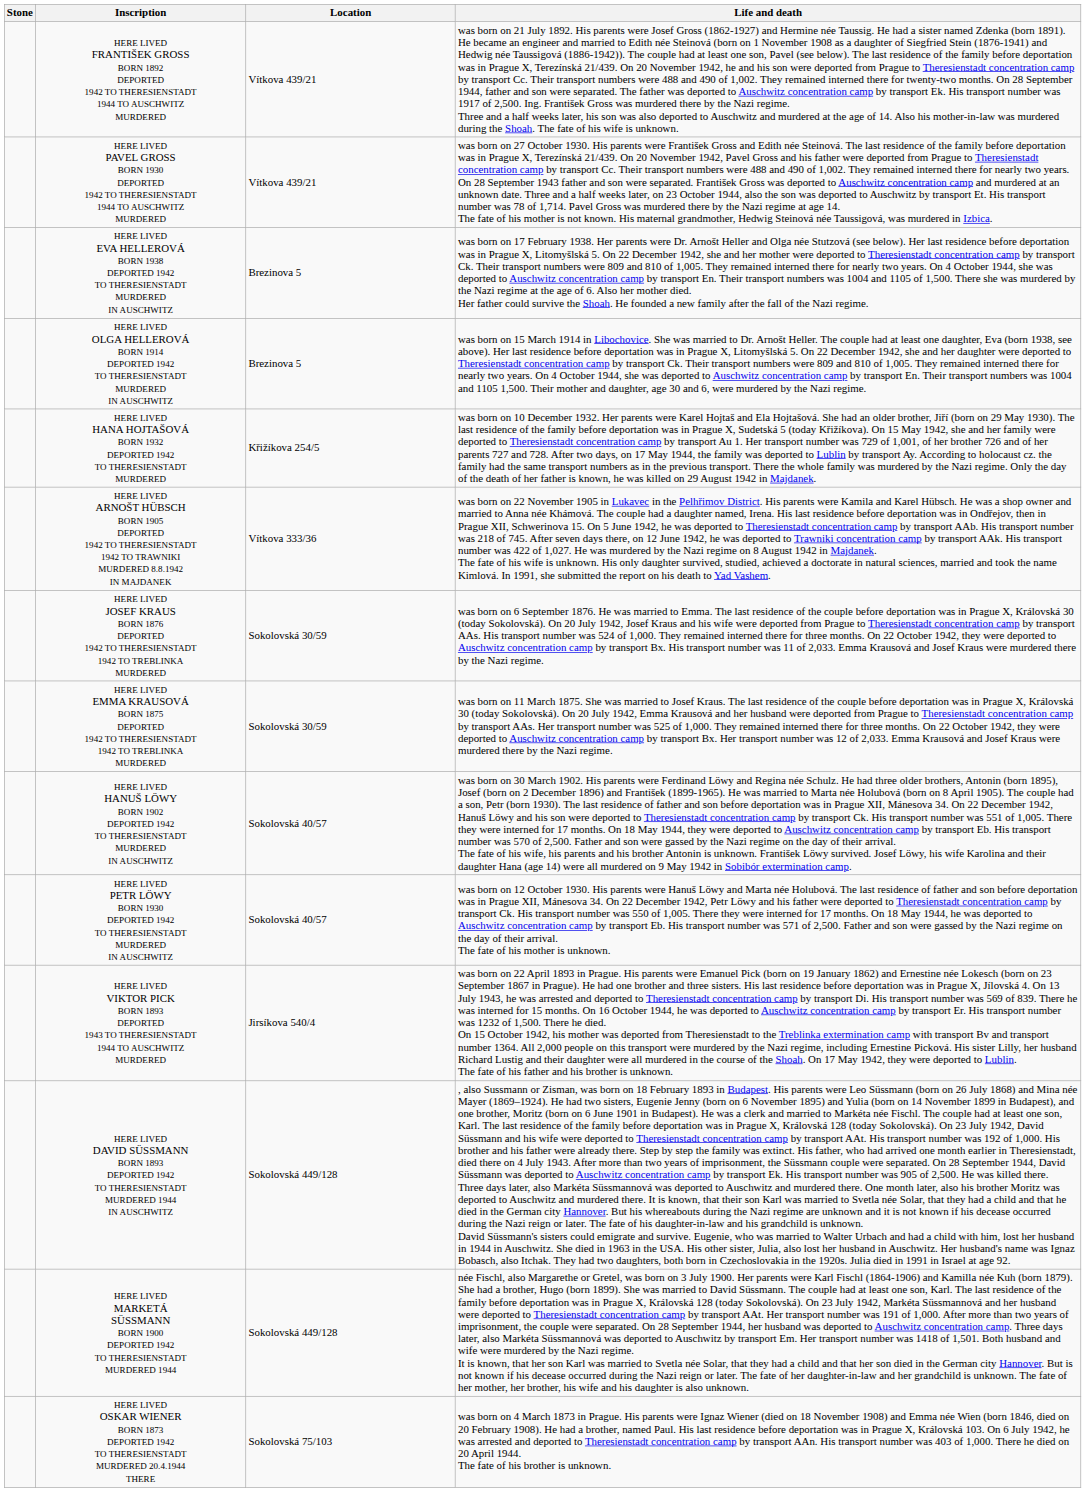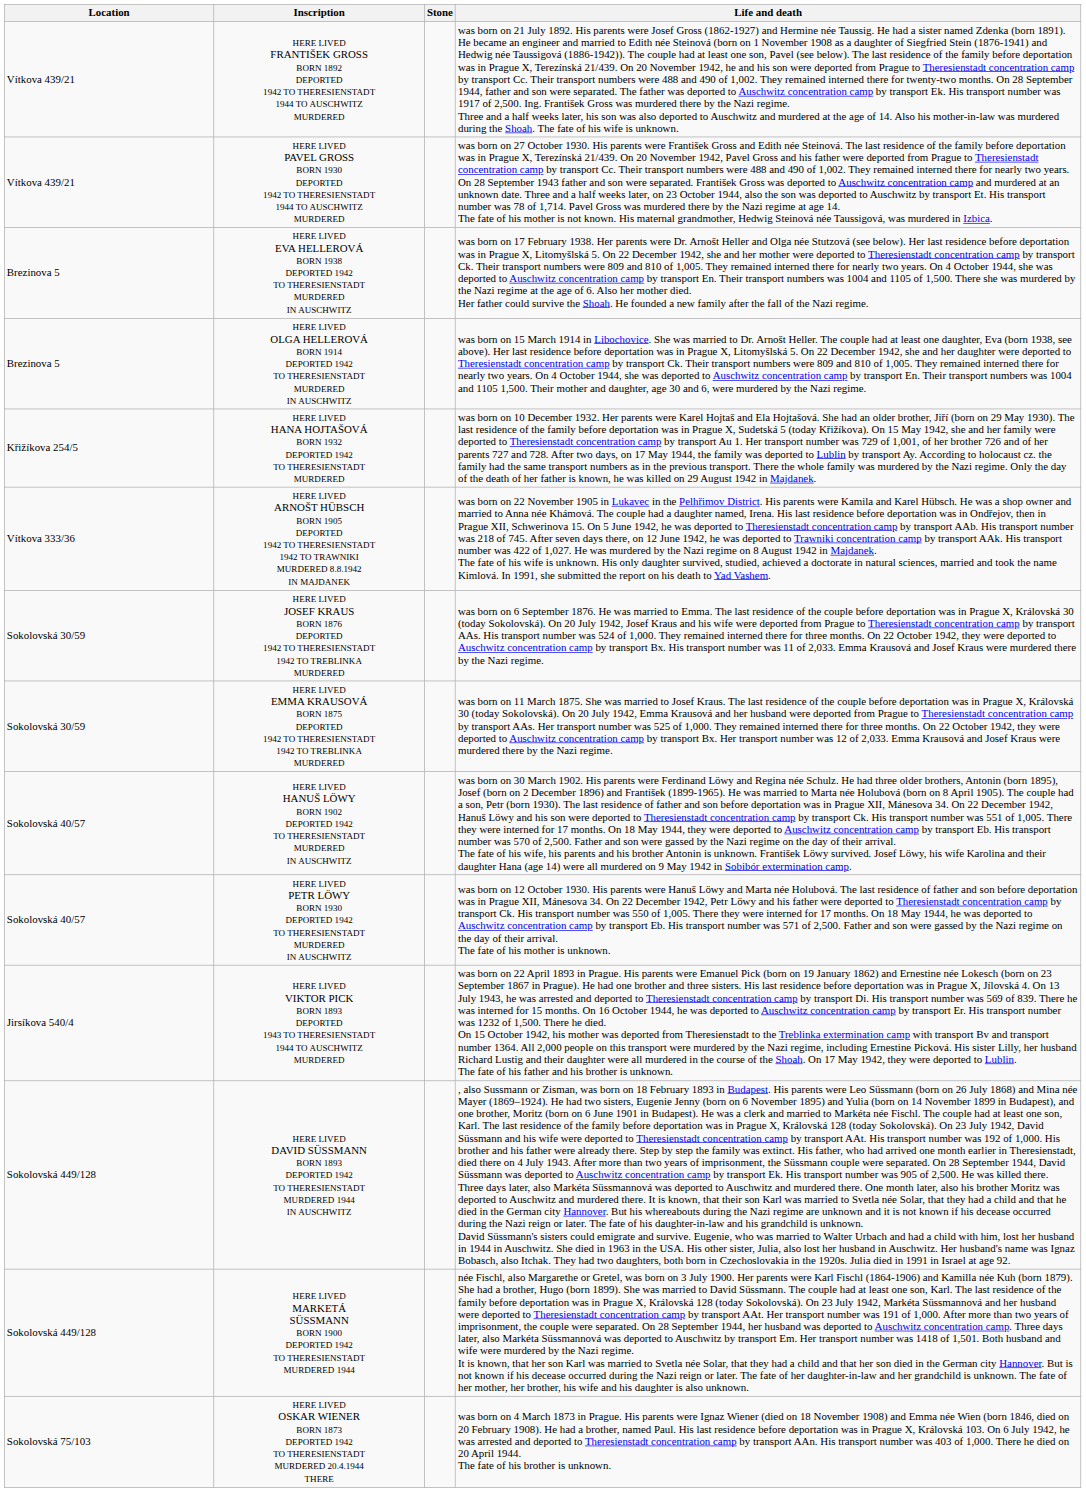 <table class="wikitable sortable toptextcells" style="width:100%">
 <tr>
+<th class="hintergrundfarbe6" data-sort-type="text" style ="width:20%;">Location</th>
+<th class="hintergrundfarbe6 unsortable" style ="width:20%;">Inscription</th>
 <th class="hintergrundfarbe6 unsortable" width="120px">Stone</th>
-<th class="hintergrundfarbe6 unsortable" style ="width:20%;">Inscription</th>
-<th class="hintergrundfarbe6" data-sort-type="text" style ="width:20%;">Location</th>
 <th class="hintergrundfarbe6" style="width:100%;">Life and death</th>
 </tr>
 <tr>
+<td>Vítkova 439/21</td>
+<td style="text-align:center"><div><small>HERE LIVED</small><br>FRANTIŠEK GROSS<br><small>BORN 1892<br>DEPORTED<br>1942 TO THERESIENSTADT<br>1944 TO AUSCHWITZ<br>MURDERED</small></div></td>
 <td></td>
-<td style="text-align:center"><div><small>HERE LIVED</small><br>FRANTIŠEK GROSS<br><small>BORN 1892<br>DEPORTED<br>1942 TO THERESIENSTADT<br>1944 TO AUSCHWITZ<br>MURDERED</small></div></td>
-<td>Vítkova 439/21</td>
 <td><strong></strong> was born on 21 July 1892. His parents were Josef Gross (1862-1927) and Hermine née Taussig. He had a sister named Zdenka (born 1891). He became an engineer and married to Edith née Steinová (born on 1 November 1908 as a daughter of Siegfried Stein (1876-1941) and Hedwig née Taussigová (1886-1942)). The couple had at least one son, Pavel (see below). The last residence of the family before deportation was in Prague X, Terezínská 21/439. On 20 November 1942, he and his son were deported from Prague to <a href='#'>Theresienstadt concentration camp</a> by transport Cc. Their transport numbers were 488 and 490 of 1,002. They remained interned there for twenty-two months. On 28 September 1944, father and son were separated. The father was deported to <a href='#'>Auschwitz concentration camp</a> by transport Ek. His transport number was 1917 of 2,500. Ing. František Gross was murdered there by the Nazi regime.<br>Three and a half weeks later, his son was also deported to Auschwitz and murdered at the age of 14. Also his mother-in-law was murdered during the <a href='#'>Shoah</a>. The fate of his wife is unknown.</td>
 </tr>
 <tr>
+<td>Vítkova 439/21</td>
+<td style="text-align:center"><div><small>HERE LIVED</small><br>PAVEL GROSS<br><small>BORN 1930<br>DEPORTED<br>1942 TO THERESIENSTADT<br>1944 TO AUSCHWITZ<br>MURDERED</small></div></td>
 <td></td>
-<td style="text-align:center"><div><small>HERE LIVED</small><br>PAVEL GROSS<br><small>BORN 1930<br>DEPORTED<br>1942 TO THERESIENSTADT<br>1944 TO AUSCHWITZ<br>MURDERED</small></div></td>
-<td>Vítkova 439/21</td>
 <td><strong></strong> was born on 27 October 1930. His parents were František Gross and Edith née Steinová. The last residence of the family before deportation was in Prague X, Terezínská 21/439. On 20 November 1942, Pavel Gross and his father were deported from Prague to <a href='#'>Theresienstadt concentration camp</a> by transport Cc. Their transport numbers were 488 and 490 of 1,002. They remained interned there for nearly two years. On 28 September 1943 father and son were separated. František Gross was deported to <a href='#'>Auschwitz concentration camp</a> and murdered at an unknown date. Three and a half weeks later, on 23 October 1944, also the son was deported to Auschwitz by transport Et. His transport number was 78 of 1,714. Pavel Gross was murdered there by the Nazi regime at age 14.<br>The fate of his mother is not known. His maternal grandmother, Hedwig Steinová née Taussigová, was murdered in <a href='#'>Izbica</a>.</td>
 </tr>
 <tr>
+<td>Brezinova 5<br></td>
+<td style="text-align:center"><div><small>HERE LIVED</small><br>EVA HELLEROVÁ<br><small>BORN 1938<br>DEPORTED 1942<br>TO THERESIENSTADT<br>MURDERED<br>IN AUSCHWITZ</small></div></td>
 <td></td>
-<td style="text-align:center"><div><small>HERE LIVED</small><br>EVA HELLEROVÁ<br><small>BORN 1938<br>DEPORTED 1942<br>TO THERESIENSTADT<br>MURDERED<br>IN AUSCHWITZ</small></div></td>
-<td>Brezinova 5<br></td>
 <td><strong></strong> was born on 17 February 1938. Her parents were Dr. Arnošt Heller and Olga née Stutzová (see below). Her last residence before deportation was in Prague X, Litomyšlská 5. On 22 December 1942, she and her mother were deported to <a href='#'>Theresienstadt concentration camp</a> by transport Ck. Their transport numbers were 809 and 810 of 1,005. They remained interned there for nearly two years. On 4 October 1944, she was deported to <a href='#'>Auschwitz concentration camp</a> by transport En. Their transport numbers was 1004 and 1105 of 1,500. There she was murdered by the Nazi regime at the age of 6. Also her mother died.<br>Her father could survive the <a href='#'>Shoah</a>. He founded a new family after the fall of the Nazi regime.</td>
 </tr>
 <tr>
+<td>Brezinova 5<br></td>
+<td style="text-align:center"><div><small>HERE LIVED</small><br>OLGA HELLEROVÁ<br><small>BORN 1914<br>DEPORTED 1942<br>TO THERESIENSTADT<br>MURDERED<br>IN AUSCHWITZ</small></div></td>
 <td></td>
-<td style="text-align:center"><div><small>HERE LIVED</small><br>OLGA HELLEROVÁ<br><small>BORN 1914<br>DEPORTED 1942<br>TO THERESIENSTADT<br>MURDERED<br>IN AUSCHWITZ</small></div></td>
-<td>Brezinova 5<br></td>
 <td><strong></strong> was born on 15 March 1914 in <a href='#'>Libochovice</a>. She was married to Dr. Arnošt Heller. The couple had at least one daughter, Eva (born 1938, see above). Her last residence before deportation was in Prague X, Litomyšlská 5. On 22 December 1942, she and her daughter were deported to <a href='#'>Theresienstadt concentration camp</a> by transport Ck. Their transport numbers were 809 and 810 of 1,005. They remained interned there for nearly two years. On 4 October 1944, she was deported to <a href='#'>Auschwitz concentration camp</a> by transport En. Their transport numbers was 1004 and 1105 1,500. Their mother and daughter, age 30 and 6, were murdered by the Nazi regime.</td>
 </tr>
 <tr>
+<td>Křižíkova 254/5<br></td>
+<td style="text-align:center"><div><small>HERE LIVED</small><br>HANA HOJTAŠOVÁ<br><small>BORN 1932<br>DEPORTED 1942<br>TO THERESIENSTADT<br>MURDERED</small></div></td>
 <td></td>
-<td style="text-align:center"><div><small>HERE LIVED</small><br>HANA HOJTAŠOVÁ<br><small>BORN 1932<br>DEPORTED 1942<br>TO THERESIENSTADT<br>MURDERED</small></div></td>
-<td>Křižíkova 254/5<br></td>
 <td><strong></strong> was born on 10 December 1932. Her parents were Karel Hojtaš and Ela Hojtašová. She had an older brother, Jiří (born on 29 May 1930). The last residence of the family before deportation was in Prague X, Sudetská 5 (today Křižíkova). On 15 May 1942, she and her family were deported to <a href='#'>Theresienstadt concentration camp</a> by transport Au 1. Her transport number was 729 of 1,001, of her brother 726 and of her parents 727 and 728. After two days, on 17 May 1944, the family was deported to <a href='#'>Lublin</a> by transport Ay. According to holocaust cz. the family had the same transport numbers as in the previous transport. There the whole family was murdered by the Nazi regime. Only the day of the death of her father is known, he was killed on 29 August 1942 in <a href='#'>Majdanek</a>.</td>
 </tr>
 <tr>
+<td>Vítkova 333/36<br></td>
+<td style="text-align:center"><div><small>HERE LIVED</small><br>ARNOŠT HÜBSCH<br><small>BORN 1905<br>DEPORTED<br>1942 TO THERESIENSTADT<br>1942 TO TRAWNIKI<br>MURDERED 8.8.1942<br>IN MAJDANEK</small></div></td>
 <td></td>
-<td style="text-align:center"><div><small>HERE LIVED</small><br>ARNOŠT HÜBSCH<br><small>BORN 1905<br>DEPORTED<br>1942 TO THERESIENSTADT<br>1942 TO TRAWNIKI<br>MURDERED 8.8.1942<br>IN MAJDANEK</small></div></td>
-<td>Vítkova 333/36<br></td>
 <td><strong></strong> was born on 22 November 1905 in <a href='#'>Lukavec</a> in the <a href='#'>Pelhřimov District</a>. His parents were Kamila and Karel Hübsch. He was a shop owner and married to Anna née Khámová. The couple had a daughter named, Irena. His last residence before deportation was in Ondřejov, then in Prague XII, Schwerinova 15. On 5 June 1942, he was deported to <a href='#'>Theresienstadt concentration camp</a> by transport AAb. His transport number was 218 of 745. After seven days there, on 12 June 1942, he was deported to <a href='#'>Trawniki concentration camp</a> by transport AAk. His transport number was 422 of 1,027. He was murdered by the Nazi regime on 8 August 1942 in <a href='#'>Majdanek</a>.<br>The fate of his wife is unknown. His only daughter survived, studied, achieved a doctorate in natural sciences, married and took the name Kimlová. In 1991, she submitted the report on his death to <a href='#'>Yad Vashem</a>.</td>
 </tr>
 <tr>
+<td>Sokolovská 30/59</td>
+<td style="text-align:center"><div><small>HERE LIVED</small><br>JOSEF KRAUS<br><small>BORN 1876<br>DEPORTED<br>1942 TO THERESIENSTADT<br>1942 TO TREBLINKA<br>MURDERED</small></div></td>
 <td></td>
-<td style="text-align:center"><div><small>HERE LIVED</small><br>JOSEF KRAUS<br><small>BORN 1876<br>DEPORTED<br>1942 TO THERESIENSTADT<br>1942 TO TREBLINKA<br>MURDERED</small></div></td>
-<td>Sokolovská 30/59</td>
 <td><strong></strong> was born on 6 September 1876. He was married to Emma. The last residence of the couple before deportation was in Prague X, Královská 30 (today Sokolovská). On 20 July 1942, Josef Kraus and his wife were deported from Prague to <a href='#'>Theresienstadt concentration camp</a> by transport AAs. His transport number was 524 of 1,000. They remained interned there for three months. On 22 October 1942, they were deported to <a href='#'>Auschwitz concentration camp</a> by transport Bx. His transport number was 11 of 2,033. Emma Krausová and Josef Kraus were murdered there by the Nazi regime.</td>
 </tr>
 <tr>
+<td>Sokolovská 30/59</td>
+<td style="text-align:center"><div><small>HERE LIVED</small><br>EMMA KRAUSOVÁ<br><small>BORN 1875<br>DEPORTED<br>1942 TO THERESIENSTADT<br>1942 TO TREBLINKA<br>MURDERED</small></div></td>
 <td></td>
-<td style="text-align:center"><div><small>HERE LIVED</small><br>EMMA KRAUSOVÁ<br><small>BORN 1875<br>DEPORTED<br>1942 TO THERESIENSTADT<br>1942 TO TREBLINKA<br>MURDERED</small></div></td>
-<td>Sokolovská 30/59</td>
 <td><strong></strong> was born on 11 March 1875. She was married to Josef Kraus. The last residence of the couple before deportation was in Prague X, Královská 30 (today Sokolovská). On 20 July 1942, Emma Krausová and her husband were deported from Prague to <a href='#'>Theresienstadt concentration camp</a> by transport AAs. Her transport number was 525 of 1,000. They remained interned there for three months. On 22 October 1942, they were deported to <a href='#'>Auschwitz concentration camp</a> by transport Bx. Her transport number was 12 of 2,033. Emma Krausová and Josef Kraus were murdered there by the Nazi regime.</td>
 </tr>
 <tr>
+<td>Sokolovská 40/57</td>
+<td style="text-align:center"><div><small>HERE LIVED</small><br>HANUŠ LÖWY<br><small>BORN 1902<br>DEPORTED 1942<br>TO THERESIENSTADT<br>MURDERED<br>IN AUSCHWITZ</small></div></td>
 <td></td>
-<td style="text-align:center"><div><small>HERE LIVED</small><br>HANUŠ LÖWY<br><small>BORN 1902<br>DEPORTED 1942<br>TO THERESIENSTADT<br>MURDERED<br>IN AUSCHWITZ</small></div></td>
-<td>Sokolovská 40/57</td>
 <td><strong></strong> was born on 30 March 1902. His parents were Ferdinand Löwy and Regina née Schulz. He had three older brothers, Antonin (born 1895), Josef (born on 2 December 1896) and František (1899-1965). He was married to Marta née Holubová (born on 8 April 1905). The couple had a son, Petr (born 1930). The last residence of father and son before deportation was in Prague XII, Mánesova 34. On 22 December 1942, Hanuš Löwy and his son were deported to <a href='#'>Theresienstadt concentration camp</a> by transport Ck. His transport number was 551 of 1,005. There they were interned for 17 months. On 18 May 1944, they were deported to <a href='#'>Auschwitz concentration camp</a> by transport Eb. His transport number was 570 of 2,500. Father and son were gassed by the Nazi regime on the day of their arrival.<br>The fate of his wife, his parents and his brother Antonin is unknown. František Löwy survived. Josef Löwy, his wife Karolina and their daughter Hana (age 14) were all murdered on 9 May 1942 in <a href='#'>Sobibór extermination camp</a>.</td>
 </tr>
 <tr>
+<td>Sokolovská 40/57</td>
+<td style="text-align:center"><div><small>HERE LIVED</small><br>PETR LÖWY<br><small>BORN 1930<br>DEPORTED 1942<br>TO THERESIENSTADT<br>MURDERED<br>IN AUSCHWITZ</small></div></td>
 <td></td>
-<td style="text-align:center"><div><small>HERE LIVED</small><br>PETR LÖWY<br><small>BORN 1930<br>DEPORTED 1942<br>TO THERESIENSTADT<br>MURDERED<br>IN AUSCHWITZ</small></div></td>
-<td>Sokolovská 40/57</td>
 <td><strong></strong> was born on 12 October 1930. His parents were Hanuš Löwy and Marta née Holubová. The last residence of father and son before deportation was in Prague XII, Mánesova 34. On 22 December 1942, Petr Löwy and his father were deported to <a href='#'>Theresienstadt concentration camp</a> by transport Ck. His transport number was 550 of 1,005. There they were interned for 17 months. On 18 May 1944, he was deported to <a href='#'>Auschwitz concentration camp</a> by  transport Eb. His transport number was 571 of 2,500. Father and son were gassed by the Nazi regime on the day of their arrival.<br>The fate of his mother is unknown.</td>
 </tr>
 <tr>
+<td>Jirsíkova 540/4</td>
+<td style="text-align:center"><div><small>HERE LIVED</small><br>VIKTOR PICK<br><small>BORN 1893<br>DEPORTED<br>1943 TO THERESIENSTADT<br>1944 TO AUSCHWITZ<br>MURDERED</small></div></td>
 <td></td>
-<td style="text-align:center"><div><small>HERE LIVED</small><br>VIKTOR PICK<br><small>BORN 1893<br>DEPORTED<br>1943 TO THERESIENSTADT<br>1944 TO AUSCHWITZ<br>MURDERED</small></div></td>
-<td>Jirsíkova 540/4</td>
 <td><strong></strong> was born on 22 April 1893 in Prague. His parents were Emanuel Pick (born on 19 January 1862) and Ernestine née Lokesch (born on 23 September 1867 in Prague). He had one brother and three sisters. His last residence before deportation was in Prague X, Jílovská 4. On 13 July 1943, he was arrested and deported to <a href='#'>Theresienstadt concentration camp</a> by transport Di. His transport number was 569 of 839. There he was interned for 15 months. On 16 October 1944, he was deported to <a href='#'>Auschwitz concentration camp</a> by transport Er. His transport number was 1232 of 1,500. There he died.<br>On 15 October 1942, his mother was deported from Theresienstadt to the <a href='#'>Treblinka extermination camp</a> with transport Bv and transport number 1364. All 2,000 people on this transport were murdered by the Nazi regime, including Ernestine Picková. His sister Lilly, her husband Richard Lustig and their daughter were all murdered in the course of the <a href='#'>Shoah</a>. On 17 May 1942, they were deported to <a href='#'>Lublin</a>.<br>The fate of his father and his brother is unknown.</td>
 </tr>
 <tr>
+<td>Sokolovská 449/128<br></td>
+<td style="text-align:center"><div><small>HERE LIVED</small><br>DAVID SÜSSMANN<br><small>BORN 1893<br>DEPORTED 1942<br>TO THERESIENSTADT<br>MURDERED 1944<br>IN AUSCHWITZ</small></div></td>
 <td></td>
-<td style="text-align:center"><div><small>HERE LIVED</small><br>DAVID SÜSSMANN<br><small>BORN 1893<br>DEPORTED 1942<br>TO THERESIENSTADT<br>MURDERED 1944<br>IN AUSCHWITZ</small></div></td>
-<td>Sokolovská 449/128<br></td>
 <td><strong></strong>, also Sussmann or Zisman, was born on 18 February 1893 in <a href='#'>Budapest</a>. His parents were Leo Süssmann (born on 26 July 1868) and Mina née Mayer (1869–1924). He had two sisters, Eugenie Jenny (born on 6 November 1895) and Yulia (born on 14 November 1899 in Budapest), and one brother, Moritz (born on 6 June 1901 in Budapest). He was a clerk and married to Markéta née Fischl. The couple had at least one son, Karl. The last residence of the family before deportation was in Prague X, Královská 128 (today Sokolovská). On 23 July 1942, David Süssmann and his wife were deported to <a href='#'>Theresienstadt concentration camp</a> by transport AAt. His transport number was 192 of 1,000. His brother and his father were already there. Step by step the family was extinct. His father, who had arrived one month earlier in Theresienstadt, died there on 4 July 1943. After more than two years of imprisonment, the Süssmann couple were separated. On 28 September 1944, David Süssmann was deported to <a href='#'>Auschwitz concentration camp</a> by transport Ek. His transport number was 905 of 2,500. He was killed there.<br>Three days later, also Markéta Süssmannová was deported to Auschwitz and murdered there. One month later, also his brother Moritz was deported to Auschwitz and murdered there. It is known, that their son Karl was married to Svetla née Solar, that they had a child and that he died in the German city <a href='#'>Hannover</a>. But his whereabouts during the Nazi regime are unknown and it is not known if his decease occurred during the Nazi reign or later. The fate of his daughter-in-law and his grandchild is unknown.<br>David Süssmann's sisters could emigrate and survive. Eugenie, who was married to Walter Urbach and had a child with him, lost her husband in 1944 in Auschwitz. She died in 1963 in the USA. His other sister, Julia, also lost her husband in Auschwitz. Her husband's name was Ignaz Bobasch, also Itchak. They had two daughters, both born in Czechoslovakia in the 1920s. Julia died in 1991 in Israel at age 92.</td>
 </tr>
 <tr>
+<td>Sokolovská 449/128<br></td>
+<td style="text-align:center"><div><small>HERE LIVED</small><br>MARKETÁ<br>SÜSSMANN<br><small>BORN 1900<br>DEPORTED 1942<br>TO THERESIENSTADT<br>MURDERED 1944</small></div></td>
 <td></td>
-<td style="text-align:center"><div><small>HERE LIVED</small><br>MARKETÁ<br>SÜSSMANN<br><small>BORN 1900<br>DEPORTED 1942<br>TO THERESIENSTADT<br>MURDERED 1944</small></div></td>
-<td>Sokolovská 449/128<br></td>
 <td><strong></strong> née Fischl, also Margarethe or Gretel, was born on 3 July 1900. Her parents were Karl Fischl (1864-1906) and Kamilla née Kuh (born 1879). She had a brother, Hugo (born 1899). She was married to David Süssmann. The couple had at least one son, Karl. The last residence of the family before deportation was in Prague X, Královská 128 (today Sokolovská). On 23 July 1942, Markéta Süssmannová and her husband were deported to <a href='#'>Theresienstadt concentration camp</a> by transport AAt. Her transport number was 191 of 1,000. After more than two years of imprisonment, the couple were separated. On 28 September 1944, her husband was deported to <a href='#'>Auschwitz concentration camp</a>. Three days later, also Markéta Süssmannová was deported to Auschwitz by transport Em. Her transport number was 1418 of 1,501. Both husband and wife were murdered by the Nazi regime.<br>It is known, that her son Karl was married to Svetla née Solar, that they had a child and that her son died in the German city <a href='#'>Hannover</a>. But is not known if his decease occurred during the Nazi reign or later. The fate of her daughter-in-law and her grandchild is unknown. The fate of her mother, her brother, his wife and his daughter is also unknown.</td>
 </tr>
 <tr>
+<td>Sokolovská 75/103</td>
+<td style="text-align:center"><div><small>HERE LIVED</small><br>OSKAR WIENER<br><small>BORN 1873<br>DEPORTED 1942<br>TO THERESIENSTADT<br>MURDERED 20.4.1944<br>THERE</small></div></td>
 <td></td>
-<td style="text-align:center"><div><small>HERE LIVED</small><br>OSKAR WIENER<br><small>BORN 1873<br>DEPORTED 1942<br>TO THERESIENSTADT<br>MURDERED 20.4.1944<br>THERE</small></div></td>
-<td>Sokolovská 75/103</td>
 <td><strong></strong> was born on 4 March 1873 in Prague. His parents were Ignaz Wiener (died on 18 November 1908) and Emma née Wien (born 1846, died on 20 February 1908). He had a brother, named Paul. His last residence before deportation was in Prague X, Královská 103. On 6 July 1942, he was arrested and deported to <a href='#'>Theresienstadt concentration camp</a> by transport AAn. His transport number was 403 of 1,000. There he died on 20 April 1944.<br>The fate of his brother is unknown.</td>
 </tr>
 </table>
